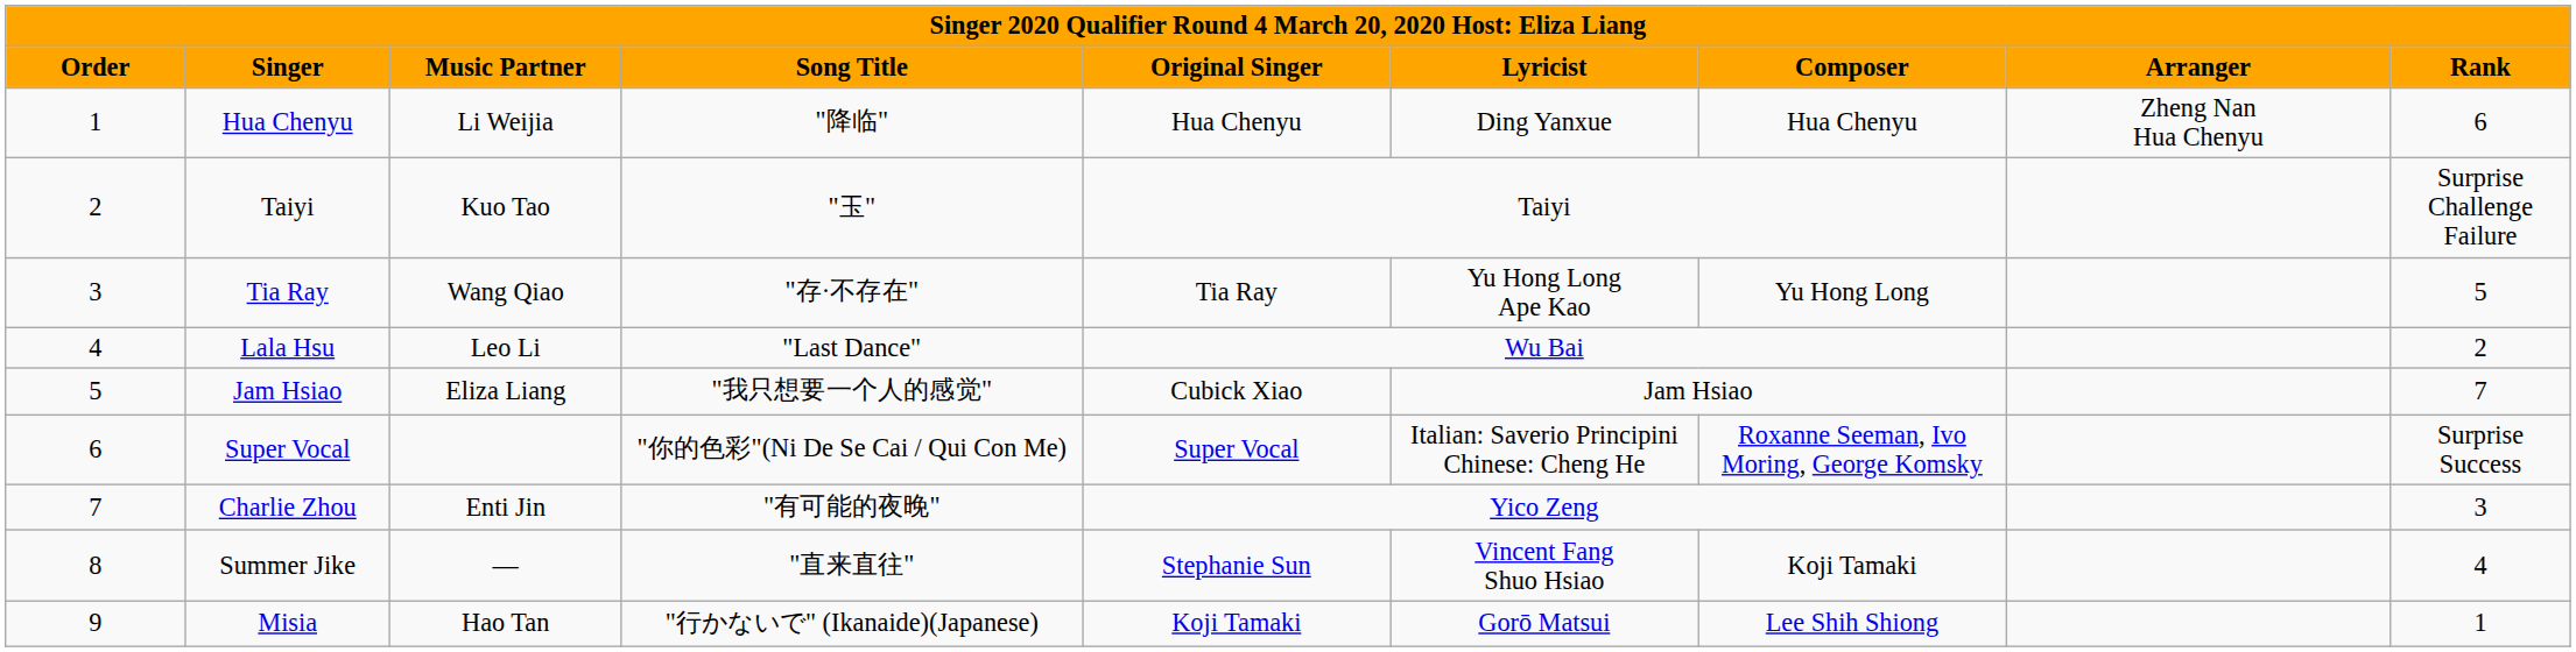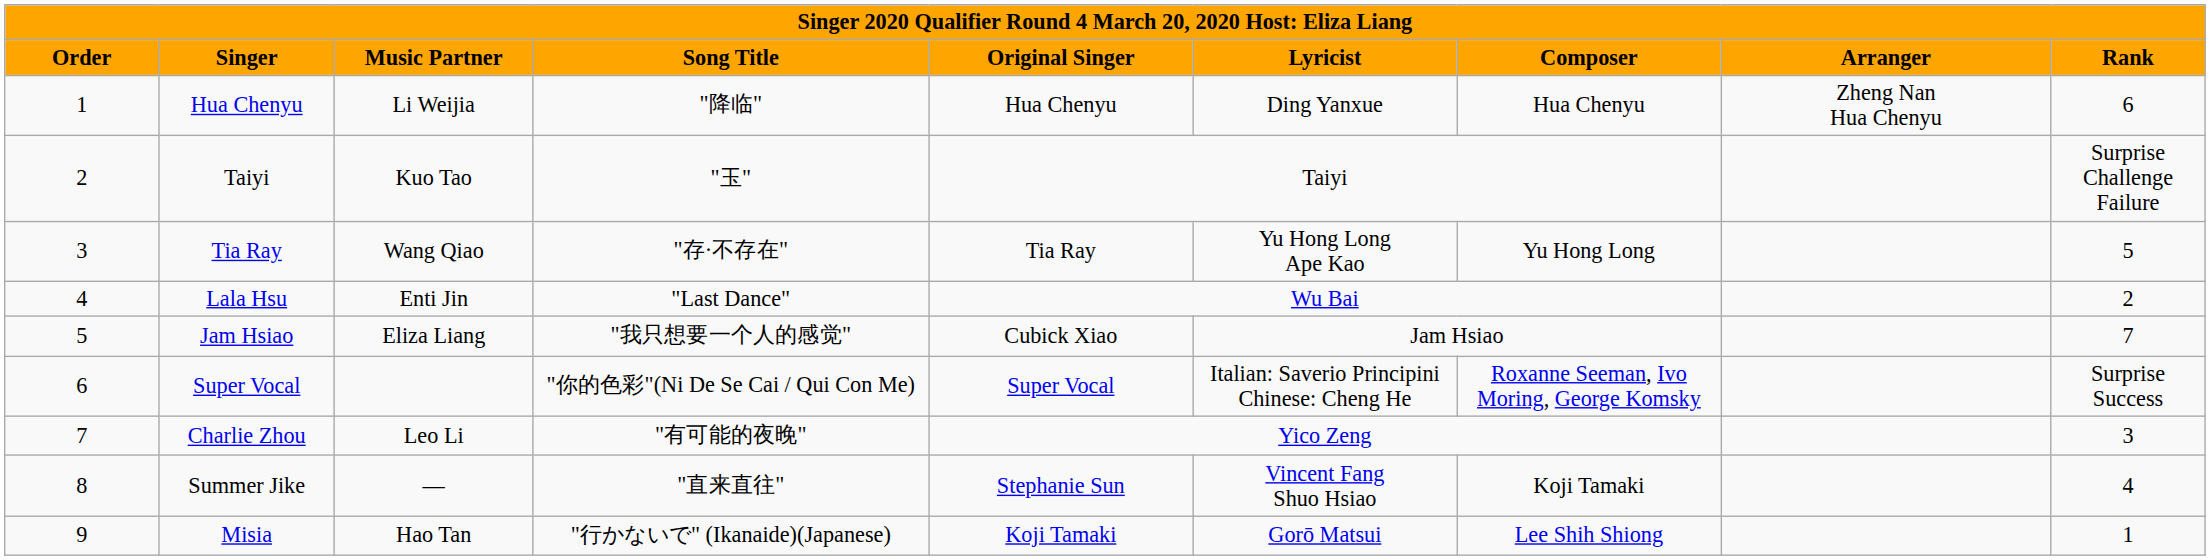 <table class="wikitable sortable mw-collapsible" width="100%" style="text-align:center">
 <tr align=center style="background:orange">
 <td colspan="9"><div><strong>Singer 2020 Qualifier Round 4 March 20, 2020 Host: Eliza Liang</strong></div></td>
 </tr>
 <tr style="background:orange">
 <td style="width:7%"><strong>Order</strong></td>
 <td style="width:8%"><strong>Singer</strong></td>
 <td style="width:9%"><strong>Music Partner</strong></td>
 <td style="width:18%"><strong>Song Title</strong></td>
 <td style="width:12%"><strong>Original Singer</strong></td>
 <td style="width:12% "><strong>Lyricist</strong></td>
 <td style="width:12%"><strong>Composer</strong></td>
 <td style="width:15%"><strong>Arranger</strong></td>
 <td style="width:7%"><strong>Rank</strong></td>
 </tr>
 <tr>
 <td>1</td>
 <td><a href='#'>Hua Chenyu</a></td>
 <td>Li Weijia</td>
 <td>"降临"</td>
 <td>Hua Chenyu</td>
 <td>Ding Yanxue</td>
 <td>Hua Chenyu</td>
 <td>Zheng Nan<br>Hua Chenyu</td>
 <td>6</td>
 </tr>
 <tr>
 <td>2</td>
 <td>Taiyi</td>
 <td>Kuo Tao</td>
 <td>"玉"</td>
 <td colspan=3>Taiyi</td>
 <td></td>
 <td>Surprise Challenge Failure</td>
 </tr>
 <tr>
 <td>3</td>
 <td><a href='#'>Tia Ray</a></td>
 <td>Wang Qiao</td>
 <td>"存·不存在"</td>
 <td>Tia Ray</td>
 <td>Yu Hong Long<br>Ape Kao</td>
 <td>Yu Hong Long</td>
 <td></td>
 <td>5</td>
 </tr>
 <tr>
 <td>4</td>
 <td><a href='#'>Lala Hsu</a></td>
-<td>Leo Li</td>
+<td>Enti Jin</td>
 <td>"Last Dance"</td>
 <td colspan=3><a href='#'>Wu Bai</a></td>
 <td></td>
 <td>2</td>
 </tr>
 <tr>
 <td>5</td>
 <td><a href='#'>Jam Hsiao</a></td>
 <td>Eliza Liang</td>
 <td>"我只想要一个人的感觉"</td>
 <td>Cubick Xiao</td>
 <td colspan=2>Jam Hsiao</td>
 <td></td>
 <td>7</td>
 </tr>
 <tr>
 <td>6</td>
 <td><a href='#'>Super Vocal</a></td>
 <td></td>
 <td>"你的色彩"(Ni De Se Cai / Qui Con Me)</td>
 <td><a href='#'>Super Vocal</a></td>
 <td>Italian: Saverio Principini<br>Chinese: Cheng He</td>
 <td><a href='#'>Roxanne Seeman</a>, <a href='#'>Ivo Moring</a>, <a href='#'>George Komsky</a></td>
 <td></td>
 <td>Surprise Success</td>
 </tr>
 <tr>
 <td>7</td>
 <td><a href='#'>Charlie Zhou</a></td>
-<td>Enti Jin</td>
+<td>Leo Li</td>
 <td>"有可能的夜晚"</td>
 <td colspan=3><a href='#'>Yico Zeng</a></td>
 <td></td>
 <td>3</td>
 </tr>
 <tr>
 <td>8</td>
 <td>Summer Jike</td>
 <td>—</td>
 <td>"直来直往"</td>
 <td><a href='#'>Stephanie Sun</a></td>
 <td><a href='#'>Vincent Fang</a><br>Shuo Hsiao</td>
 <td>Koji Tamaki</td>
 <td></td>
 <td>4</td>
 </tr>
 <tr>
 <td>9</td>
 <td><a href='#'>Misia</a></td>
 <td>Hao Tan</td>
 <td>"行かないで" (Ikanaide)(Japanese)</td>
 <td><a href='#'>Koji Tamaki</a></td>
 <td><a href='#'>Gorō Matsui</a></td>
 <td><a href='#'>Lee Shih Shiong</a></td>
 <td></td>
 <td>1</td>
 </tr>
 </table>
